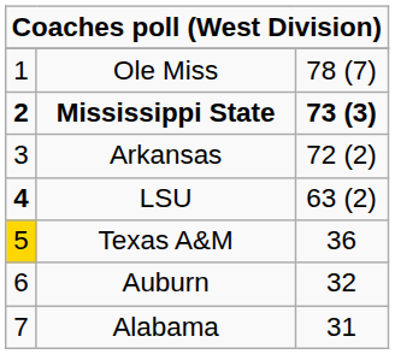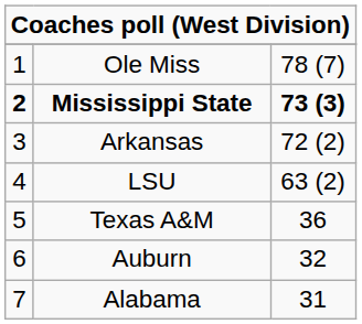 <table class="wikitable" style="display: inline-table;">
 <tr>
 <td align="center" Colspan="3"><strong>Coaches poll (West Division)</strong></td>
 </tr>
 <tr align="center">
 </tr>
 <tr align="center">
 <td>1</td>
 <td>Ole Miss</td>
 <td>78 (7)</td>
 </tr>
 <tr align="center">
 <td><strong>2</strong></td>
 <td><strong>Mississippi State</strong></td>
 <td><strong>73 (3)</strong></td>
 </tr>
 <tr align="center">
 <td>3</td>
 <td>Arkansas</td>
 <td>72 (2)</td>
 </tr>
 <tr align="center">
-<td><strong>4</strong></td>
+<td>4</td>
 <td>LSU</td>
 <td>63 (2)</td>
 </tr>
 <tr align="center">
-<td style="background: gold;">5</td>
+<td>5</td>
 <td>Texas A&M</td>
 <td>36</td>
 </tr>
 <tr align="center">
 <td>6</td>
 <td>Auburn</td>
 <td>32</td>
 </tr>
 <tr align="center">
 <td>7</td>
 <td>Alabama</td>
 <td>31</td>
 </tr>
 </table>
